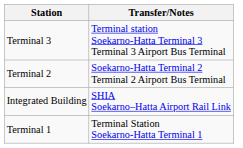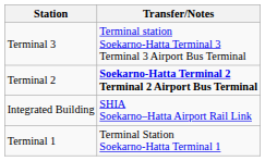 <table class="wikitable">
 <tr>
 <th> Station</th>
 <th>Transfer/Notes</th>
 </tr>
 <tr>
 <td>Terminal 3</td>
 <td><a href='#'>Terminal station</a><br> <a href='#'>Soekarno-Hatta Terminal 3</a><br> Terminal 3 Airport Bus Terminal</td>
 </tr>
 <tr>
 <td>Terminal 2</td>
-<td> <a href='#'>Soekarno-Hatta Terminal 2</a><br> Terminal 2 Airport Bus Terminal</td>
+<td><strong> <a href='#'>Soekarno-Hatta Terminal 2</a><br> Terminal 2 Airport Bus Terminal</strong></td>
 </tr>
 <tr>
 <td>Integrated Building</td>
 <td> <a href='#'>SHIA</a><br> <a href='#'>Soekarno–Hatta Airport Rail Link</a></td>
 </tr>
 <tr>
 <td>Terminal 1</td>
 <td>Terminal Station<br> <a href='#'>Soekarno-Hatta Terminal 1</a></td>
 </tr>
 </table>
